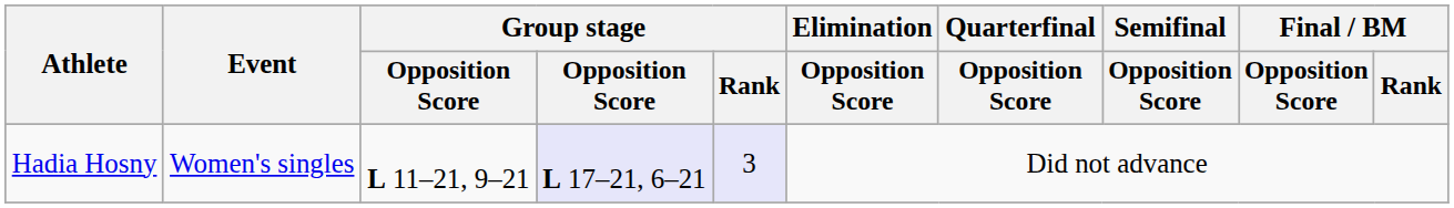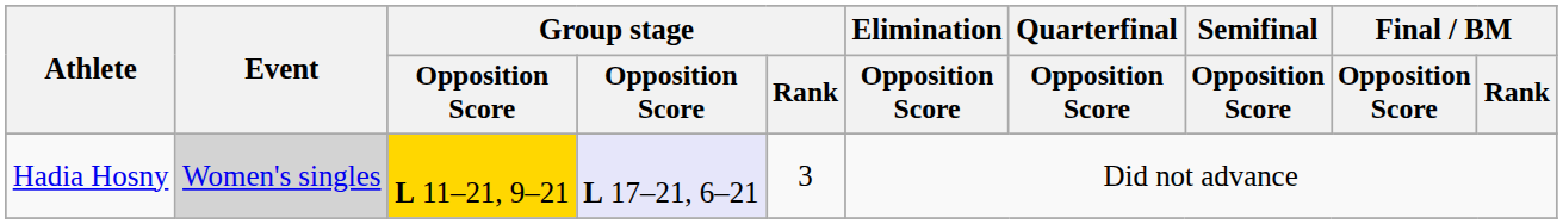 <table class="wikitable" style="font-size:90%">
 <tr>
 <th scope="col" rowspan=2>Athlete</th>
 <th scope="col" rowspan=2>Event</th>
 <th scope="col" colspan=3>Group stage</th>
 <th scope="col">Elimination</th>
 <th scope="col">Quarterfinal</th>
 <th scope="col">Semifinal</th>
 <th scope="col" colspan=2>Final / BM</th>
 </tr>
 <tr style="font-size:95%">
 <th>Opposition<br>Score</th>
 <th>Opposition<br>Score</th>
 <th>Rank</th>
 <th>Opposition<br>Score</th>
 <th>Opposition<br>Score</th>
 <th>Opposition<br>Score</th>
 <th>Opposition<br>Score</th>
 <th>Rank</th>
 </tr>
 <tr align=center>
 <td align=left><a href='#'>Hadia Hosny</a></td>
-<td align=left><a href='#'>Women's singles</a></td>
-<td><br><strong>L</strong> 11–21, 9–21</td>
+<td align=left style="background: lightgrey;"><a href='#'>Women's singles</a></td>
+<td style="background: gold;"><br><strong>L</strong> 11–21, 9–21</td>
 <td style="background: lavender;"><br><strong>L</strong> 17–21, 6–21</td>
-<td style="background: lavender;">3</td>
+<td>3</td>
 <td colspan=5>Did not advance</td>
 </tr>
 </table>
